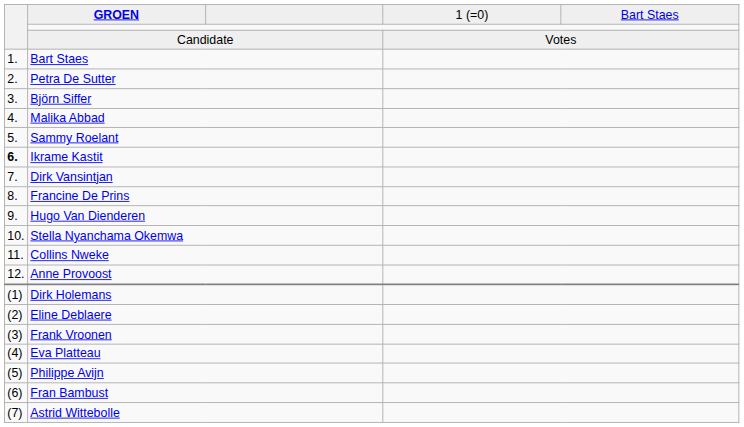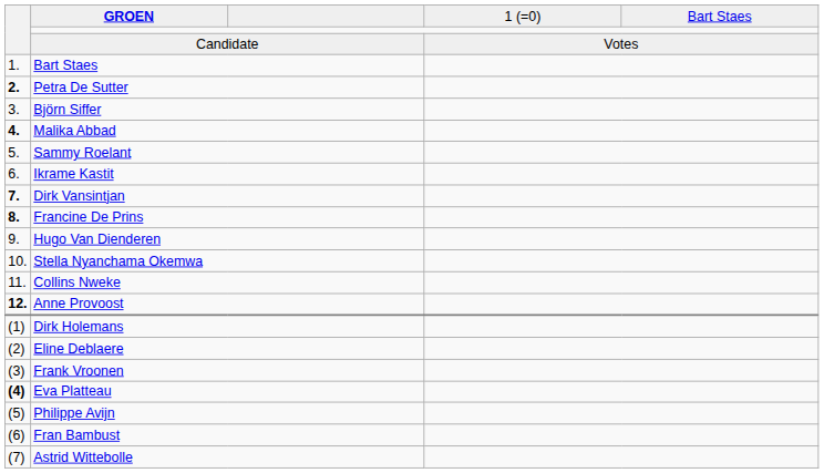 <table class="wikitable collapsible collapsed" style=text-align:left;font-size:90%>
 <tr>
 <th rowspan=3></th>
 <td bgcolor=efefef width=200 align=center><strong> <a href='#'>GROEN</a></strong></td>
 <td bgcolor=efefef width=200 align=center></td>
 <td bgcolor=efefef width=200 align=center>1 (=0)</td>
 <td bgcolor=efefef width=200 align=center><a href='#'>Bart Staes</a></td>
 </tr>
 <tr>
 <td colspan=4 bgcolor=></td>
 </tr>
 <tr>
 <td bgcolor=efefef align=center colspan=2>Candidate</td>
 <td bgcolor=efefef align=center colspan=2>Votes</td>
 </tr>
 <tr>
 <td>1.</td>
 <td colspan=2><a href='#'>Bart Staes</a></td>
 <td colspan=2></td>
 </tr>
 <tr>
-<td>2.</td>
+<td><strong>2.</strong></td>
 <td colspan=2><a href='#'>Petra De Sutter</a></td>
 <td colspan=2></td>
 </tr>
 <tr>
 <td>3.</td>
 <td colspan=2><a href='#'>Björn Siffer</a></td>
 <td colspan=2></td>
 </tr>
 <tr>
-<td>4.</td>
+<td><strong>4.</strong></td>
 <td colspan=2><a href='#'>Malika Abbad</a></td>
 <td colspan=2></td>
 </tr>
 <tr>
 <td>5.</td>
 <td colspan=2><a href='#'>Sammy Roelant</a></td>
 <td colspan=2></td>
 </tr>
 <tr>
-<td><strong>6.</strong></td>
+<td>6.</td>
 <td colspan=2><a href='#'>Ikrame Kastit</a></td>
 <td colspan=2></td>
 </tr>
 <tr>
-<td>7.</td>
+<td><strong>7.</strong></td>
 <td colspan=2><a href='#'>Dirk Vansintjan</a></td>
 <td colspan=2></td>
 </tr>
 <tr>
-<td>8.</td>
+<td><strong>8.</strong></td>
 <td colspan=2><a href='#'>Francine De Prins</a></td>
 <td colspan=2></td>
 </tr>
 <tr>
 <td>9.</td>
 <td colspan=2><a href='#'>Hugo Van Dienderen</a></td>
 <td colspan=2></td>
 </tr>
 <tr>
 <td>10.</td>
 <td colspan=2><a href='#'>Stella Nyanchama Okemwa</a></td>
 <td colspan=2></td>
 </tr>
 <tr>
 <td>11.</td>
 <td colspan=2><a href='#'>Collins Nweke</a></td>
 <td colspan=2></td>
 </tr>
 <tr>
-<td>12.</td>
+<td><strong>12.</strong></td>
 <td colspan=2><a href='#'>Anne Provoost</a></td>
 <td colspan=2></td>
 </tr>
 <tr style="border-top:2px solid gray;">
 <td>(1)</td>
 <td colspan=2><a href='#'>Dirk Holemans</a></td>
 <td colspan=2></td>
 </tr>
 <tr>
 <td>(2)</td>
 <td colspan=2><a href='#'>Eline Deblaere</a></td>
 <td colspan=2></td>
 </tr>
 <tr>
 <td>(3)</td>
 <td colspan=2><a href='#'>Frank Vroonen</a></td>
 <td colspan=2></td>
 </tr>
 <tr>
-<td>(4)</td>
+<td><strong>(4)</strong></td>
 <td colspan=2><a href='#'>Eva Platteau</a></td>
 <td colspan=2></td>
 </tr>
 <tr>
 <td>(5)</td>
 <td colspan=2><a href='#'>Philippe Avijn</a></td>
 <td colspan=2></td>
 </tr>
 <tr>
 <td>(6)</td>
 <td colspan=2><a href='#'>Fran Bambust</a></td>
 <td colspan=2></td>
 </tr>
 <tr>
 <td>(7)</td>
 <td colspan=2><a href='#'>Astrid Wittebolle</a></td>
 <td colspan=2></td>
 </tr>
 </table>
